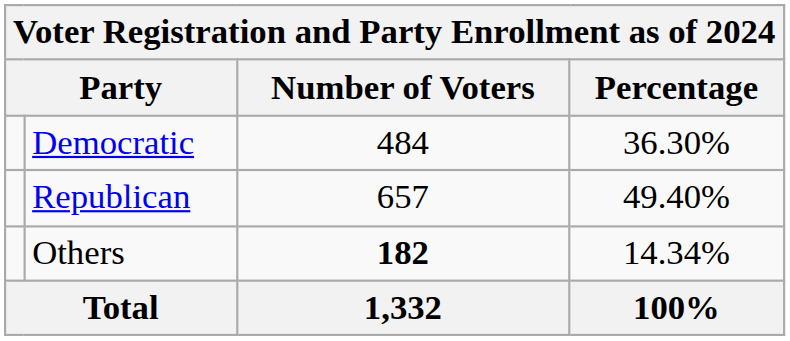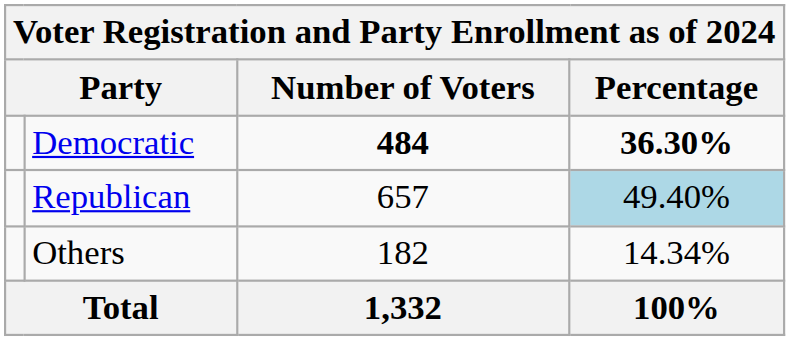 <table class=wikitable>
 <tr>
 <th colspan = 6>Voter Registration and Party Enrollment as of 2024</th>
 </tr>
 <tr>
 <th colspan = 2>Party</th>
 <th>Number of Voters</th>
 <th>Percentage</th>
 </tr>
 <tr>
 <td></td>
 <td><a href='#'>Democratic</a></td>
-<td align = center>484</td>
-<td align = center>36.30%</td>
+<td align = center><strong>484</strong></td>
+<td align = center><strong>36.30%</strong></td>
 </tr>
 <tr>
 <td></td>
 <td><a href='#'>Republican</a></td>
 <td align = center>657</td>
-<td align = center>49.40%</td>
+<td align = center style="background: lightblue;">49.40%</td>
 </tr>
 <tr>
 <td></td>
 <td>Others</td>
-<td align = center><strong>182</strong></td>
+<td align = center>182</td>
 <td align = center>14.34%</td>
 </tr>
 <tr>
 <th colspan = 2>Total</th>
 <th align = center>1,332</th>
 <th align = center>100%</th>
 </tr>
 </table>
